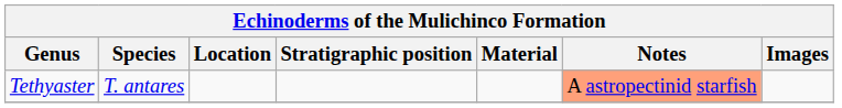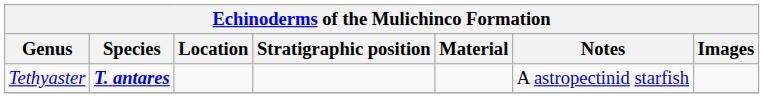 <table class="wikitable" align="center">
 <tr>
 <th colspan="7" align="center"><a href='#'>Echinoderms</a> of the Mulichinco Formation</th>
 </tr>
 <tr>
 <th>Genus</th>
 <th>Species</th>
 <th>Location</th>
 <th>Stratigraphic position</th>
 <th>Material</th>
 <th>Notes</th>
 <th>Images</th>
 </tr>
 <tr>
 <td><em><a href='#'>Tethyaster</a></em></td>
-<td><em><a href='#'>T. antares</a></em></td>
+<td><strong><em><a href='#'>T. antares</a></em></strong></td>
 <td></td>
 <td></td>
 <td></td>
-<td style="background: lightsalmon;">A <a href='#'>astropectinid</a> <a href='#'>starfish</a></td>
+<td>A <a href='#'>astropectinid</a> <a href='#'>starfish</a></td>
 <td></td>
 </tr>
 <tr>
 </tr>
 </table>
